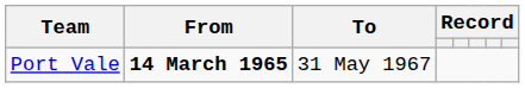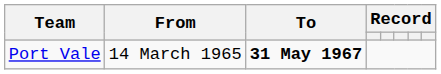 <table class="wikitable" style="text-align: center">
 <tr>
 <th rowspan=2>Team</th>
 <th rowspan=2>From</th>
 <th rowspan=2>To</th>
 <th colspan=5>Record</th>
 </tr>
 <tr>
 <th></th>
 <th></th>
 <th></th>
 <th></th>
 <th></th>
 </tr>
 <tr>
 <td align=left><a href='#'>Port Vale</a></td>
-<td align=left><strong>14 March 1965</strong></td>
-<td align=left>31 May 1967<br></td>
+<td align=left>14 March 1965</td>
+<td align=left><strong>31 May 1967<br></strong></td>
 </tr>
 </table>
